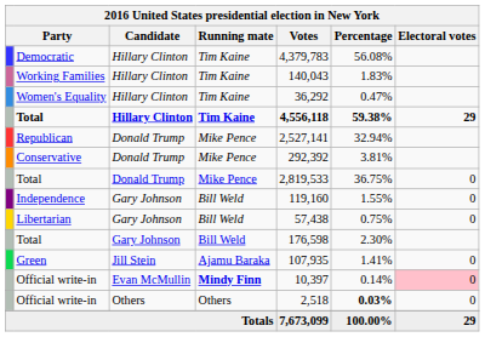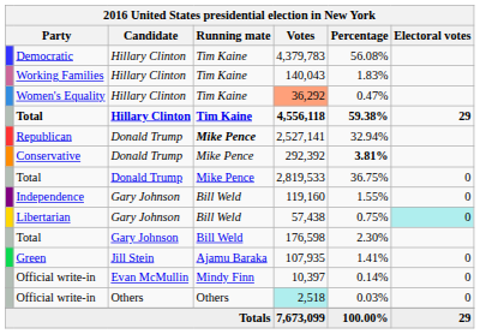 <table class="wikitable" style="font-size: 95%;">
 <tr>
 <th colspan=7>2016 United States presidential election in New York</th>
 </tr>
 <tr>
 <th colspan=2>Party</th>
 <th>Candidate</th>
 <th>Running mate</th>
 <th>Votes</th>
 <th>Percentage</th>
 <th>Electoral votes</th>
 </tr>
 <tr>
 <th style="background-color:#3333FF; width: 3px"></th>
 <td><a href='#'>Democratic</a></td>
 <td><em>Hillary Clinton</em></td>
 <td><em>Tim Kaine</em></td>
 <td align="right">4,379,783</td>
 <td align="right">56.08%</td>
 <td align="right"></td>
 </tr>
 <tr>
 <th style="background-color:#CC6699; width: 3px"></th>
 <td><a href='#'>Working Families</a></td>
 <td><em>Hillary Clinton</em></td>
 <td><em>Tim Kaine</em></td>
 <td align="right">140,043</td>
 <td align="right">1.83%</td>
 <td align="right"></td>
 </tr>
 <tr>
 <th style="background-color:#328DE0; width: 3px"></th>
 <td><a href='#'>Women's Equality</a></td>
 <td><em>Hillary Clinton</em></td>
 <td><em>Tim Kaine</em></td>
-<td align="right">36,292</td>
+<td align="right" style="background: lightsalmon;">36,292</td>
 <td align="right">0.47%</td>
 <td align="right"></td>
 </tr>
 <tr>
 <th style="background-color:#B2BEB5; width: 3px"></th>
 <td><strong>Total</strong></td>
 <td><strong><a href='#'>Hillary Clinton</a></strong></td>
 <td><strong><a href='#'>Tim Kaine</a></strong></td>
 <td align="right"><strong>4,556,118</strong></td>
 <td align="right"><strong>59.38%</strong></td>
 <td align="right"><strong>29</strong></td>
 </tr>
 <tr>
 <th style="background-color:#FF3333; width: 3px"></th>
 <td><a href='#'>Republican</a></td>
 <td><em>Donald Trump</em></td>
-<td><em>Mike Pence</em></td>
+<td><strong><em>Mike Pence</em></strong></td>
 <td align="right">2,527,141</td>
 <td align="right">32.94%</td>
 <td align="right"></td>
 </tr>
 <tr>
 <th style="background-color:#FF8C00; width: 3px"></th>
 <td><a href='#'>Conservative</a></td>
 <td><em>Donald Trump</em></td>
 <td><em>Mike Pence</em></td>
 <td align="right">292,392</td>
-<td align="right">3.81%</td>
+<td align="right"><strong>3.81%</strong></td>
 <td align="right"></td>
 </tr>
 <tr>
 <th style="background-color:#B2BEB5; width: 3px"></th>
 <td>Total</td>
 <td><a href='#'>Donald Trump</a></td>
 <td><a href='#'>Mike Pence</a></td>
 <td align="right">2,819,533</td>
 <td align="right">36.75%</td>
 <td align="right">0</td>
 </tr>
 <tr>
 <th style="background-color:#800080; width: 3px"></th>
 <td><a href='#'>Independence</a></td>
 <td><em>Gary Johnson</em></td>
 <td><em>Bill Weld</em></td>
 <td align="right">119,160</td>
 <td align="right">1.55%</td>
 <td align="right">0</td>
 </tr>
 <tr>
 <th style="background-color:#FFD700; width: 3px"></th>
 <td><a href='#'>Libertarian</a></td>
 <td><em>Gary Johnson</em></td>
 <td><em>Bill Weld</em></td>
 <td align="right">57,438</td>
 <td align="right">0.75%</td>
-<td align="right">0</td>
+<td align="right" style="background: paleturquoise;">0</td>
 </tr>
 <tr>
 <th style="background-color:#B2BEB5; width: 3px"></th>
 <td>Total</td>
 <td><a href='#'>Gary Johnson</a></td>
 <td><a href='#'>Bill Weld</a></td>
 <td align="right">176,598</td>
 <td align="right">2.30%</td>
 <td align="right"></td>
 </tr>
 <tr>
 <th style="background-color:#0BDA51; width: 3px"></th>
 <td><a href='#'>Green</a></td>
 <td><a href='#'>Jill Stein</a></td>
 <td><a href='#'>Ajamu Baraka</a></td>
 <td align="right">107,935</td>
 <td align="right">1.41%</td>
 <td align="right">0</td>
 </tr>
 <tr>
 <th style="background-color:#B2BEB5; width: 3px"></th>
 <td>Official write-in</td>
 <td><a href='#'>Evan McMullin</a></td>
-<td><strong><a href='#'>Mindy Finn</a></strong></td>
+<td><a href='#'>Mindy Finn</a></td>
 <td align="right">10,397</td>
 <td align="right">0.14%</td>
-<td align="right" style="background: pink;">0</td>
+<td align="right">0</td>
 </tr>
 <tr>
 <th style="background-color:#B2BEB5; width: 3px"></th>
 <td>Official write-in</td>
 <td>Others</td>
 <td>Others</td>
-<td align="right">2,518</td>
-<td align="right"><strong>0.03%</strong></td>
+<td align="right" style="background: paleturquoise;">2,518</td>
+<td align="right">0.03%</td>
 <td align="right">0</td>
 </tr>
 <tr>
 </tr>
 <tr bgcolor="#EEEEEE">
 <td colspan=4 align="right"><strong>Totals</strong></td>
 <td align="right"><strong>7,673,099</strong></td>
 <td align="right"><strong>100.00%</strong></td>
 <td align="right"><strong>29</strong></td>
 </tr>
 </table>
